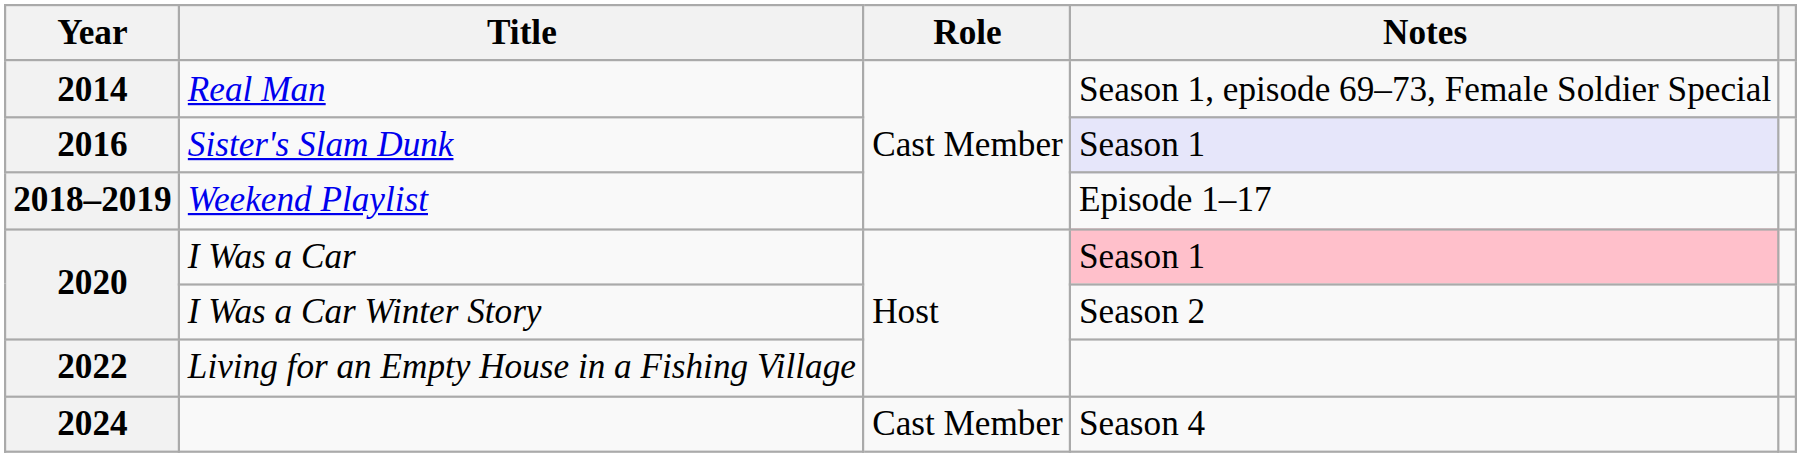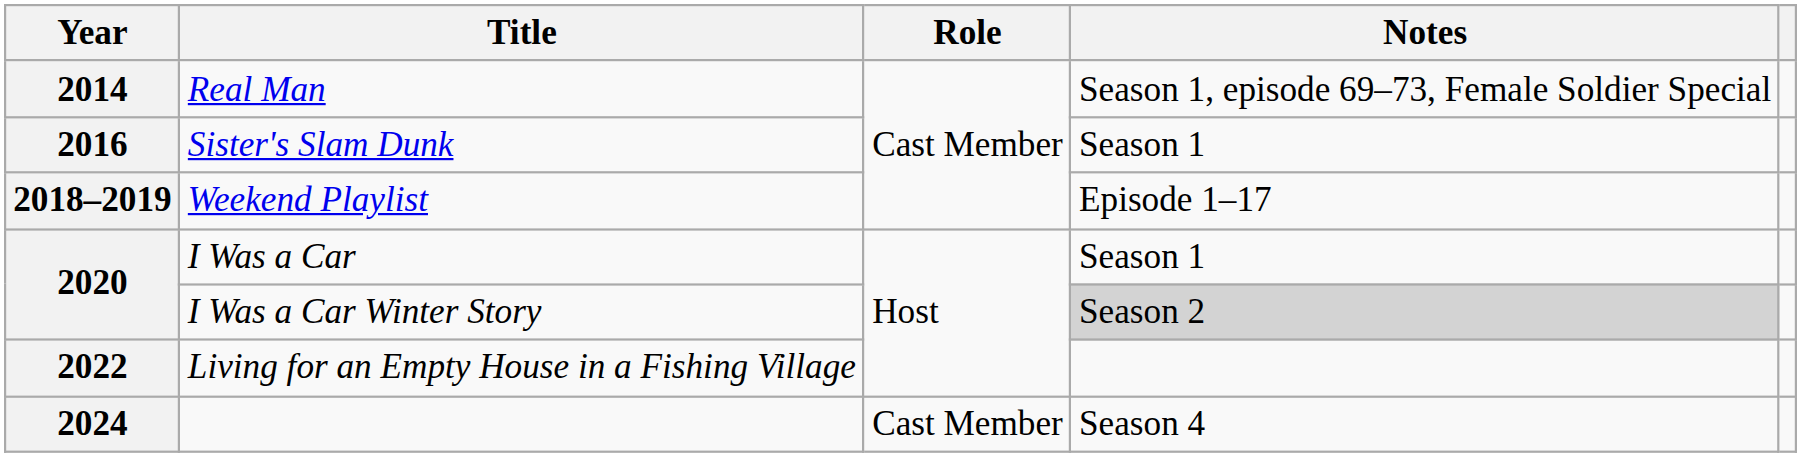 <table class="wikitable plainrowheaders sortable">
 <tr>
 <th scope="col">Year</th>
 <th scope="col">Title</th>
 <th scope="col">Role</th>
 <th scope="col">Notes</th>
 <th scope="col" class="unsortable"></th>
 </tr>
 <tr>
 <th scope="row">2014</th>
 <td><em><a href='#'>Real Man</a></em></td>
 <td rowspan="3">Cast Member</td>
 <td>Season 1, episode 69–73, Female Soldier Special</td>
 <td style="text-align:center"></td>
 </tr>
 <tr>
 <th scope="row">2016</th>
 <td><em><a href='#'>Sister's Slam Dunk</a></em></td>
-<td style="background: lavender;">Season 1</td>
+<td>Season 1</td>
 <td style="text-align:center"></td>
 </tr>
 <tr>
 <th scope="row">2018–2019</th>
 <td><em><a href='#'>Weekend Playlist</a></em></td>
 <td>Episode 1–17</td>
 <td style="text-align:center"></td>
 </tr>
 <tr>
 <th scope="row" rowspan="2">2020</th>
 <td><em>I Was a Car</em></td>
 <td rowspan="3">Host</td>
-<td style="background: pink;">Season 1</td>
+<td>Season 1</td>
 <td style="text-align:center"></td>
 </tr>
 <tr>
 <td><em>I Was a Car Winter Story</em></td>
-<td>Season 2</td>
+<td style="background: lightgrey;">Season 2</td>
 <td style="text-align:center"></td>
 </tr>
 <tr>
 <th scope="row">2022</th>
 <td><em>Living for an Empty House in a Fishing Village</em></td>
 <td></td>
 <td style="text-align:center"></td>
 </tr>
 <tr>
 <th scope="row">2024</th>
 <td><em></em></td>
 <td>Cast Member</td>
 <td>Season 4</td>
 <td style="text-align:center"></td>
 </tr>
 </table>
